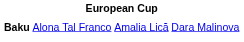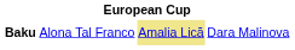 <table>
 <tr>
 <td colspan="4" style="text-align:center;"><strong>European Cup</strong></td>
 </tr>
 <tr>
 <th scope=row style="text-align:left">Baku</th>
 <td style="height:30px;"> <a href='#'>Alona Tal Franco</a></td>
-<td style="height:30px;"> <a href='#'>Amalia Lică</a></td>
+<td style="background: khaki; height:30px;"> <a href='#'>Amalia Lică</a></td>
 <td style="height:30px;"> <a href='#'>Dara Malinova</a></td>
 </tr>
 <tr>
 </tr>
 </table>
